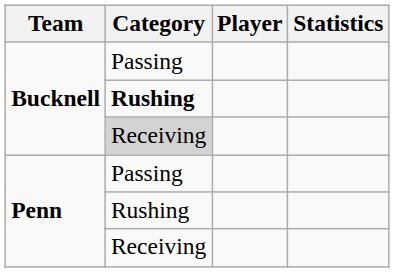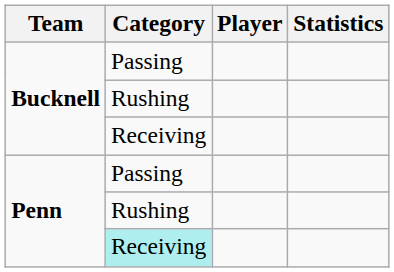 <table class="wikitable" style="float: right;">
 <tr>
 <th>Team</th>
 <th>Category</th>
 <th>Player</th>
 <th>Statistics</th>
 </tr>
 <tr>
 <td rowspan=3><strong>Bucknell</strong></td>
 <td>Passing</td>
 <td></td>
 <td></td>
 </tr>
 <tr>
-<td><strong>Rushing</strong></td>
+<td>Rushing</td>
 <td></td>
 <td></td>
 </tr>
 <tr>
-<td style="background: lightgrey;">Receiving</td>
+<td>Receiving</td>
 <td></td>
 <td></td>
 </tr>
 <tr>
 <td rowspan=3><strong>Penn</strong></td>
 <td>Passing</td>
 <td></td>
 <td></td>
 </tr>
 <tr>
 <td>Rushing</td>
 <td></td>
 <td></td>
 </tr>
 <tr>
-<td>Receiving</td>
+<td style="background: paleturquoise;">Receiving</td>
 <td></td>
 <td></td>
 </tr>
 </table>
